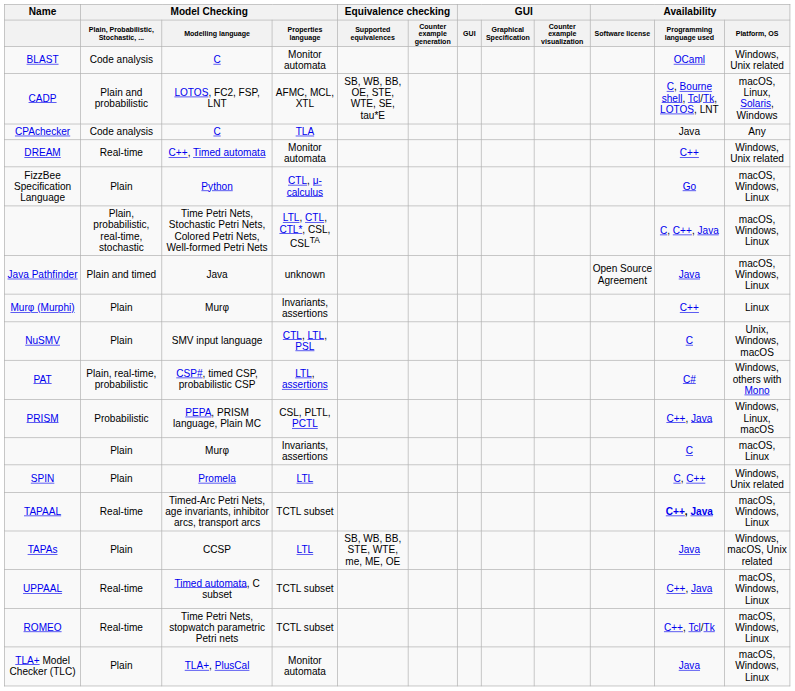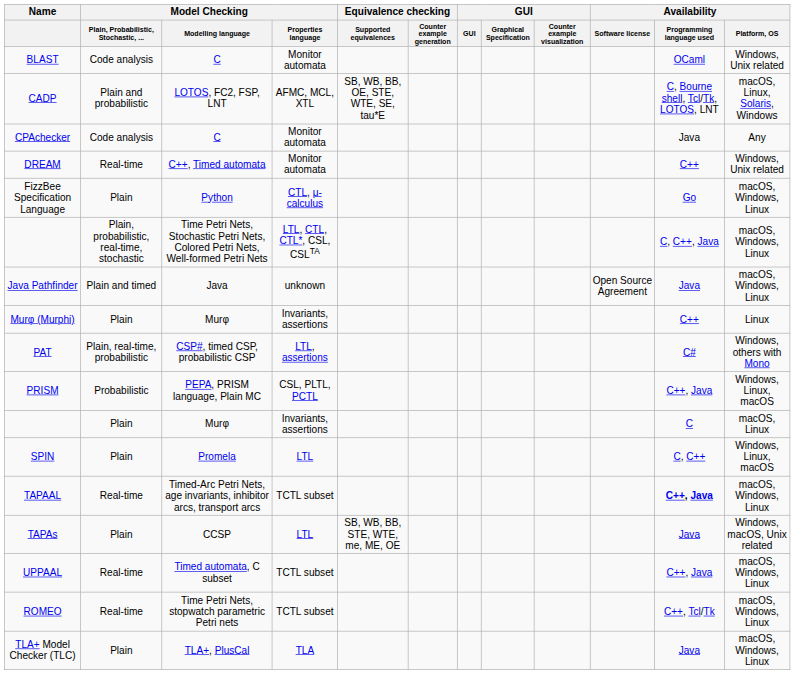 <table class="wikitable" style="text-align:center;">
 <tr>
 <th>Name</th>
 <th colspan="3">Model Checking</th>
 <th colspan="2">Equivalence checking</th>
 <th colspan="3">GUI</th>
 <th colspan="3">Availability</th>
 </tr>
 <tr style="font-size:70%">
 <th></th>
 <th>Plain, Probabilistic, Stochastic, ...</th>
 <th>Modelling language</th>
 <th>Properties language</th>
 <th>Supported equivalences</th>
 <th>Counter example generation</th>
 <th>  GUI  </th>
 <th>Graphical Specification</th>
 <th>Counter example visualization</th>
 <th>Software license</th>
 <th>Programming language used</th>
 <th>Platform, OS<br>     </th>
 </tr>
 <tr>
 <td><a href='#'>BLAST</a></td>
 <td>Code analysis</td>
 <td><a href='#'>C</a></td>
 <td>Monitor automata</td>
 <td style="font-size:70%; text-align:left;"></td>
 <td></td>
 <td></td>
 <td></td>
 <td></td>
 <td></td>
 <td><a href='#'>OCaml</a></td>
 <td>Windows, Unix related<br></td>
 </tr>
 <tr>
 <td><a href='#'>CADP</a></td>
 <td>Plain and probabilistic</td>
 <td><a href='#'>LOTOS</a>, FC2, FSP, LNT </td>
 <td>AFMC, MCL, XTL</td>
 <td>SB, WB, BB, OE, STE, WTE, SE, tau*E</td>
 <td></td>
 <td></td>
 <td></td>
 <td></td>
 <td></td>
 <td><a href='#'>C</a>, <a href='#'>Bourne shell</a>, <a href='#'>Tcl</a>/<a href='#'>Tk</a>, <a href='#'>LOTOS</a>, LNT</td>
 <td>macOS, Linux, <a href='#'>Solaris</a>, Windows<br></td>
 </tr>
 <tr>
 <td><a href='#'>CPAchecker</a></td>
 <td>Code analysis</td>
 <td><a href='#'>C</a></td>
-<td><a href='#'>TLA</a></td>
+<td>Monitor automata</td>
 <td style="font-size:70%" align=left></td>
 <td></td>
 <td></td>
 <td></td>
 <td></td>
 <td></td>
 <td>Java</td>
 <td>Any<br></td>
 </tr>
 <tr>
 <td><a href='#'>DREAM</a></td>
 <td>Real-time</td>
 <td><a href='#'>C++</a>, <a href='#'>Timed automata</a></td>
 <td>Monitor automata</td>
 <td></td>
 <td></td>
 <td></td>
 <td></td>
 <td></td>
 <td></td>
 <td><a href='#'>C++</a></td>
 <td>Windows, Unix related<br></td>
 </tr>
 <tr>
 <td>FizzBee Specification Language</td>
 <td>Plain</td>
 <td><a href='#'>Python</a></td>
 <td><a href='#'>CTL</a>, <a href='#'>μ-calculus</a></td>
 <td></td>
 <td></td>
 <td></td>
 <td></td>
 <td></td>
 <td></td>
 <td><a href='#'>Go</a></td>
 <td>macOS, Windows, Linux<br></td>
 </tr>
 <tr>
 <td></td>
 <td>Plain, probabilistic, real-time, stochastic</td>
 <td>Time Petri Nets, Stochastic Petri Nets, Colored Petri Nets, Well-formed Petri Nets</td>
 <td><a href='#'>LTL</a>, <a href='#'>CTL</a>, <a href='#'>CTL*</a>, CSL, CSL<sup>TA</sup></td>
 <td></td>
 <td></td>
 <td></td>
 <td></td>
 <td></td>
 <td></td>
 <td><a href='#'>C</a>, <a href='#'>C++</a>, <a href='#'>Java</a></td>
 <td>macOS, Windows, Linux<br></td>
 </tr>
 <tr>
 <td><a href='#'>Java Pathfinder</a></td>
 <td>Plain and timed</td>
 <td>Java</td>
 <td>unknown</td>
 <td style="font-size:70%; text-align:left;"></td>
 <td></td>
 <td></td>
 <td></td>
 <td></td>
 <td>Open Source Agreement</td>
 <td><a href='#'>Java</a></td>
 <td>macOS, Windows, Linux<br></td>
 </tr>
 <tr>
 <td><a href='#'>Murφ (Murphi)</a></td>
 <td>Plain</td>
 <td>Murφ</td>
 <td>Invariants, assertions</td>
 <td></td>
 <td></td>
 <td></td>
 <td></td>
 <td></td>
 <td></td>
 <td><a href='#'>C++</a></td>
 <td>Linux<br></td>
 </tr>
 <tr>
-<td><a href='#'>NuSMV</a></td>
-<td>Plain</td>
-<td>SMV input language</td>
-<td><a href='#'>CTL</a>, <a href='#'>LTL</a>, <a href='#'>PSL</a></td>
-<td></td>
-<td></td>
-<td></td>
-<td></td>
-<td></td>
-<td></td>
-<td><a href='#'>C</a></td>
-<td>Unix, Windows, macOS<br></td>
-</tr>
-<tr>
 <td><a href='#'>PAT</a></td>
 <td>Plain, real-time, probabilistic</td>
 <td><a href='#'>CSP#</a>, timed CSP, probabilistic CSP</td>
 <td><a href='#'>LTL</a>, <a href='#'>assertions</a></td>
 <td></td>
 <td></td>
 <td></td>
 <td></td>
 <td></td>
 <td></td>
 <td><a href='#'>C#</a></td>
 <td>Windows, others with <a href='#'>Mono</a><br></td>
 </tr>
 <tr>
 <td><a href='#'>PRISM</a></td>
 <td>Probabilistic</td>
 <td><a href='#'>PEPA</a>, PRISM language, Plain MC</td>
 <td>CSL, PLTL, <a href='#'>PCTL</a></td>
 <td></td>
 <td></td>
 <td></td>
 <td></td>
 <td></td>
 <td></td>
 <td><a href='#'>C++</a>, <a href='#'>Java</a></td>
 <td>Windows, Linux, macOS<br></td>
 </tr>
 <tr>
 <td></td>
 <td>Plain</td>
 <td>Murφ</td>
 <td>Invariants, assertions</td>
 <td></td>
 <td></td>
 <td></td>
 <td></td>
 <td></td>
 <td></td>
 <td><a href='#'>C</a></td>
 <td>macOS, Linux<br></td>
 </tr>
 <tr>
 <td><a href='#'>SPIN</a></td>
 <td>Plain</td>
 <td><a href='#'>Promela</a></td>
 <td><a href='#'>LTL</a></td>
 <td></td>
 <td></td>
 <td></td>
 <td></td>
 <td></td>
 <td></td>
 <td><a href='#'>C</a>, <a href='#'>C++</a></td>
-<td>Windows, Unix related<br></td>
+<td>Windows, Linux, macOS<br></td>
 </tr>
 <tr>
 <td><a href='#'>TAPAAL</a></td>
 <td>Real-time</td>
 <td>Timed-Arc Petri Nets, age invariants, inhibitor arcs, transport arcs</td>
 <td>TCTL subset</td>
 <td></td>
 <td></td>
 <td></td>
 <td></td>
 <td></td>
 <td></td>
 <td><strong><a href='#'>C++</a>, <a href='#'>Java</a></strong></td>
 <td>macOS, Windows, Linux<br></td>
 </tr>
 <tr>
 <td><a href='#'>TAPAs</a></td>
 <td>Plain</td>
 <td>CCSP</td>
 <td><a href='#'>LTL</a></td>
 <td>SB, WB, BB, STE, WTE, me, ME, OE</td>
 <td></td>
 <td></td>
 <td></td>
 <td></td>
 <td></td>
 <td><a href='#'>Java</a></td>
 <td>Windows, macOS, Unix related<br></td>
 </tr>
 <tr>
 <td><a href='#'>UPPAAL</a></td>
 <td>Real-time</td>
 <td><a href='#'>Timed automata</a>, C subset</td>
 <td>TCTL subset</td>
 <td></td>
 <td></td>
 <td></td>
 <td></td>
 <td></td>
 <td></td>
 <td><a href='#'>C++</a>, <a href='#'>Java</a></td>
 <td>macOS, Windows, Linux<br></td>
 </tr>
 <tr>
 <td><a href='#'>ROMEO</a></td>
 <td>Real-time</td>
 <td>Time Petri Nets, stopwatch parametric Petri nets</td>
 <td>TCTL subset</td>
 <td></td>
 <td></td>
 <td></td>
 <td></td>
 <td></td>
 <td></td>
 <td><a href='#'>C++</a>, <a href='#'>Tcl</a>/<a href='#'>Tk</a></td>
 <td>macOS, Windows, Linux<br></td>
 </tr>
 <tr>
 <td><a href='#'>TLA+</a> Model Checker (TLC)</td>
 <td>Plain</td>
 <td><a href='#'>TLA+</a>, <a href='#'>PlusCal</a></td>
-<td>Monitor automata</td>
+<td><a href='#'>TLA</a></td>
 <td></td>
 <td></td>
 <td></td>
 <td></td>
 <td></td>
 <td></td>
 <td><a href='#'>Java</a></td>
 <td>macOS, Windows, Linux<br></td>
 </tr>
 </table>
